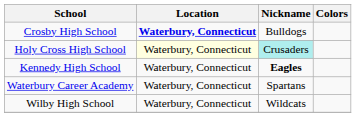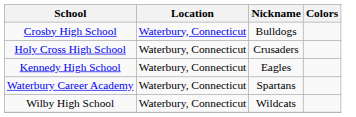 <table class="wikitable sortable" style="text-align:center">
 <tr>
 <th>School</th>
 <th>Location</th>
 <th>Nickname</th>
 <th>Colors</th>
 </tr>
 <tr>
 <td><a href='#'>Crosby High School</a></td>
-<td><strong><a href='#'>Waterbury, Connecticut</a></strong></td>
+<td><a href='#'>Waterbury, Connecticut</a></td>
 <td>Bulldogs</td>
 <td> </td>
 </tr>
 <tr>
 <td><a href='#'>Holy Cross High School</a></td>
-<td style="background: lightyellow;">Waterbury, Connecticut</td>
-<td style="background: paleturquoise;">Crusaders</td>
+<td>Waterbury, Connecticut</td>
+<td>Crusaders</td>
 <td>  </td>
 </tr>
 <tr>
 <td><a href='#'>Kennedy High School</a></td>
 <td>Waterbury, Connecticut</td>
-<td><strong>Eagles</strong></td>
+<td>Eagles</td>
 <td> </td>
 </tr>
 <tr>
 <td><a href='#'>Waterbury Career Academy</a></td>
 <td>Waterbury, Connecticut</td>
 <td>Spartans</td>
 <td> </td>
 </tr>
 <tr>
 <td>Wilby High School</td>
 <td>Waterbury, Connecticut</td>
 <td>Wildcats</td>
 <td> </td>
 </tr>
 <tr>
 </tr>
 </table>
